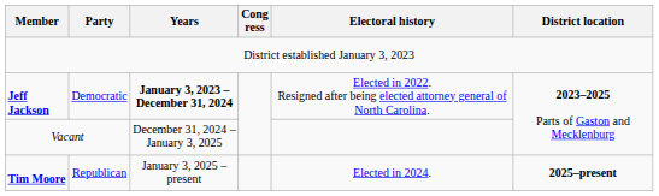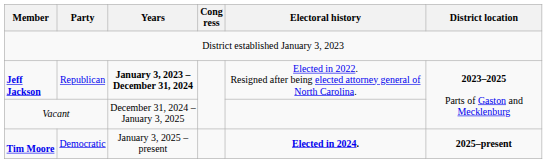 <table class="wikitable" style="text-align:center">
 <tr>
 <th>Member<br></th>
 <th>Party</th>
 <th>Years</th>
 <th>Cong<br>ress</th>
 <th>Electoral history</th>
 <th>District location</th>
 </tr>
 <tr style="height:3em">
 <td colspan=6>District established January 3, 2023</td>
 </tr>
 <tr style="height:3em">
 <td align="left"><br><strong><a href='#'>Jeff Jackson</a></strong><br></td>
-<td><a href='#'>Democratic</a></td>
+<td><a href='#'>Republican</a></td>
 <td nowrap><strong>January 3, 2023 –<br>December 31, 2024</strong></td>
 <td rowspan="2"></td>
 <td><a href='#'>Elected in 2022</a>.<br>Resigned after being <a href='#'>elected attorney general of North Carolina</a>.</td>
 <td rowspan="2"><strong>2023–2025</strong><br><br>Parts of <a href='#'>Gaston</a> and <a href='#'>Mecklenburg</a></td>
 </tr>
 <tr style="height:3em">
 <td colspan="2"><em>Vacant</em></td>
 <td nowrap>December 31, 2024 –<br>January 3, 2025</td>
 <td></td>
 </tr>
 <tr style="height:3em">
 <td align="left"><br><strong><a href='#'>Tim Moore</a></strong> <br></td>
-<td><a href='#'>Republican</a></td>
+<td><a href='#'>Democratic</a></td>
 <td nowrap>January 3, 2025 –<br>present</td>
 <td></td>
-<td><a href='#'>Elected in 2024</a>.</td>
+<td><strong><a href='#'>Elected in 2024</a>.</strong></td>
 <td><strong>2025–present</strong><br></td>
 </tr>
 </table>
